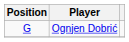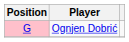 <table class="wikitable" style="text-align: center;">
 <tr>
 <th>Position</th>
 <th>Player</th>
 <th></th>
 </tr>
 <tr>
-<td><a href='#'>G</a></td>
+<td style="background: pink;"><a href='#'>G</a></td>
 <td align="left"> <a href='#'>Ognjen Dobrić</a></td>
 <td></td>
 </tr>
 <tr>
 </tr>
 </table>
